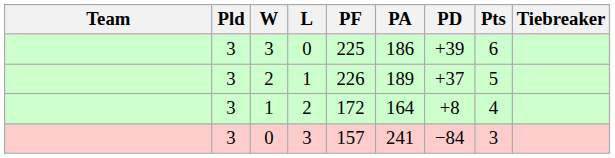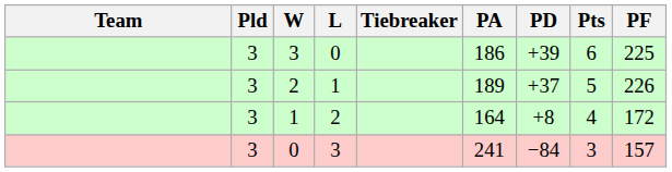 <table class="wikitable" style="text-align:center;">
 <tr>
 <th width=170>Team</th>
 <th width=25>Pld</th>
 <th width=25>W</th>
 <th width=25>L</th>
-<th width=35>PF</th>
+<th width=50>Tiebreaker</th>
 <th width=35>PA</th>
 <th width=35>PD</th>
 <th width=25>Pts</th>
-<th width=50>Tiebreaker</th>
+<th width=35>PF</th>
 </tr>
 <tr bgcolor=#ccffcc>
 <td align="left"></td>
 <td>3</td>
 <td>3</td>
 <td>0</td>
-<td>225</td>
+<td></td>
 <td>186</td>
 <td>+39</td>
 <td>6</td>
-<td></td>
+<td>225</td>
 </tr>
 <tr bgcolor=#ccffcc>
 <td align="left"></td>
 <td>3</td>
 <td>2</td>
 <td>1</td>
-<td>226</td>
+<td></td>
 <td>189</td>
 <td>+37</td>
 <td>5</td>
-<td></td>
+<td>226</td>
 </tr>
 <tr bgcolor=#ccffcc>
 <td align="left"></td>
 <td>3</td>
 <td>1</td>
 <td>2</td>
-<td>172</td>
+<td></td>
 <td>164</td>
 <td>+8</td>
 <td>4</td>
-<td></td>
+<td>172</td>
 </tr>
 <tr bgcolor=#ffcccc>
 <td align="left"></td>
 <td>3</td>
 <td>0</td>
 <td>3</td>
-<td>157</td>
+<td></td>
 <td>241</td>
 <td>−84</td>
 <td>3</td>
-<td></td>
+<td>157</td>
 </tr>
 </table>
